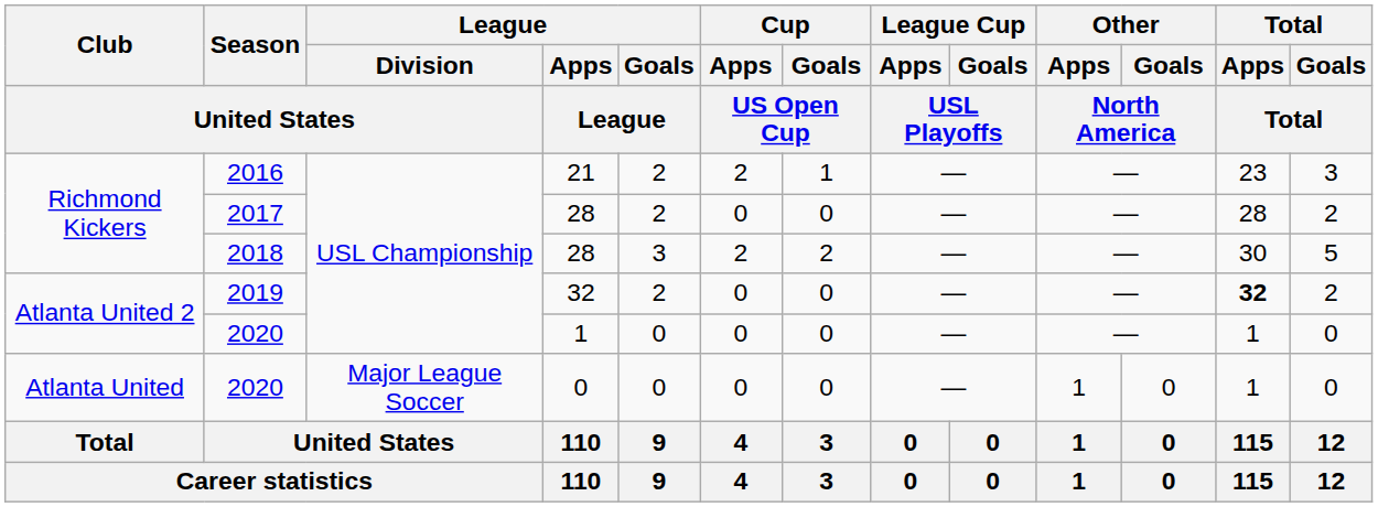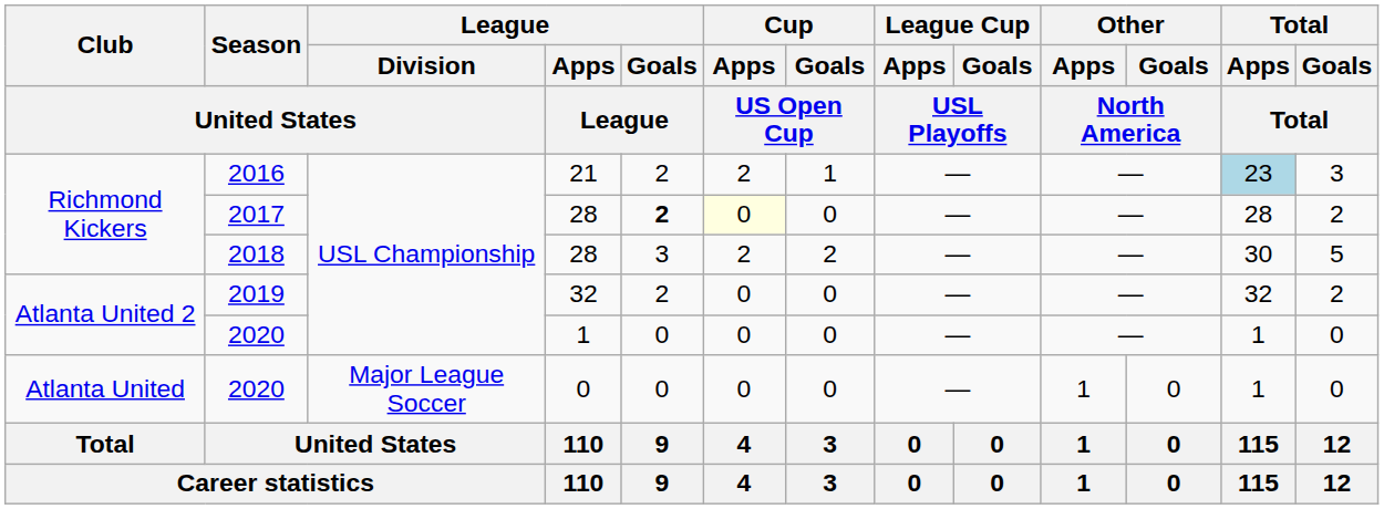 <table class="wikitable" style="text-align: center;">
 <tr>
 <th rowspan="2">Club</th>
 <th rowspan="2">Season</th>
 <th colspan="3">League</th>
 <th colspan="2">Cup</th>
 <th colspan="2">League Cup</th>
 <th colspan="2">Other</th>
 <th colspan="2">Total</th>
 </tr>
 <tr>
 <th>Division</th>
 <th>Apps</th>
 <th>Goals</th>
 <th>Apps</th>
 <th>Goals</th>
 <th>Apps</th>
 <th>Goals</th>
 <th>Apps</th>
 <th>Goals</th>
 <th>Apps</th>
 <th>Goals</th>
 </tr>
 <tr>
 <th colspan=3>United States</th>
 <th colspan=2>League</th>
 <th colspan=2><a href='#'>US Open Cup</a></th>
 <th colspan=2><a href='#'>USL Playoffs</a></th>
 <th colspan=2><a href='#'>North America</a></th>
 <th colspan=2>Total</th>
 </tr>
 <tr>
 <td rowspan="3"><a href='#'>Richmond Kickers</a></td>
 <td><a href='#'>2016</a></td>
 <td rowspan="5"><a href='#'>USL Championship</a></td>
 <td>21</td>
 <td>2</td>
 <td>2</td>
 <td>1</td>
 <td colspan="2">—</td>
 <td colspan="2">—</td>
-<td>23</td>
+<td style="background: lightblue;">23</td>
 <td>3</td>
 </tr>
 <tr>
 <td><a href='#'>2017</a></td>
 <td>28</td>
-<td>2</td>
-<td>0</td>
+<td><strong>2</strong></td>
+<td style="background: lightyellow;">0</td>
 <td>0</td>
 <td colspan="2">—</td>
 <td colspan="2">—</td>
 <td>28</td>
 <td>2</td>
 </tr>
 <tr>
 <td><a href='#'>2018</a></td>
 <td>28</td>
 <td>3</td>
 <td>2</td>
 <td>2</td>
 <td colspan="2">—</td>
 <td colspan="2">—</td>
 <td>30</td>
 <td>5</td>
 </tr>
 <tr>
 <td rowspan="2"><a href='#'>Atlanta United 2</a></td>
 <td><a href='#'>2019</a></td>
 <td>32</td>
 <td>2</td>
 <td>0</td>
 <td>0</td>
 <td colspan="2">—</td>
 <td colspan="2">—</td>
-<td><strong>32</strong></td>
+<td>32</td>
 <td>2</td>
 </tr>
 <tr>
 <td><a href='#'>2020</a></td>
 <td>1</td>
 <td>0</td>
 <td>0</td>
 <td>0</td>
 <td colspan="2">—</td>
 <td colspan="2">—</td>
 <td>1</td>
 <td>0</td>
 </tr>
 <tr>
 <td><a href='#'>Atlanta United</a></td>
 <td><a href='#'>2020</a></td>
 <td><a href='#'>Major League Soccer</a></td>
 <td>0</td>
 <td>0</td>
 <td>0</td>
 <td>0</td>
 <td colspan="2">—</td>
 <td>1</td>
 <td>0</td>
 <td>1</td>
 <td>0</td>
 </tr>
 <tr>
 <th>Total</th>
 <th colspan="2">United States</th>
 <th>110</th>
 <th>9</th>
 <th>4</th>
 <th>3</th>
 <th>0</th>
 <th>0</th>
 <th>1</th>
 <th>0</th>
 <th>115</th>
 <th>12</th>
 </tr>
 <tr>
 <th colspan="3">Career statistics</th>
 <th>110</th>
 <th>9</th>
 <th>4</th>
 <th>3</th>
 <th>0</th>
 <th>0</th>
 <th>1</th>
 <th>0</th>
 <th>115</th>
 <th>12</th>
 </tr>
 </table>
